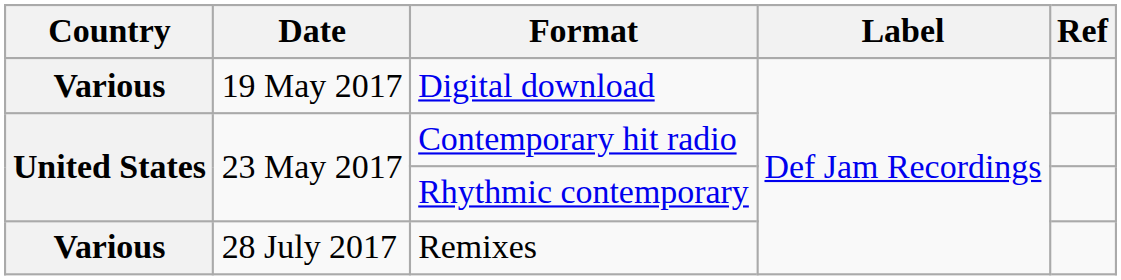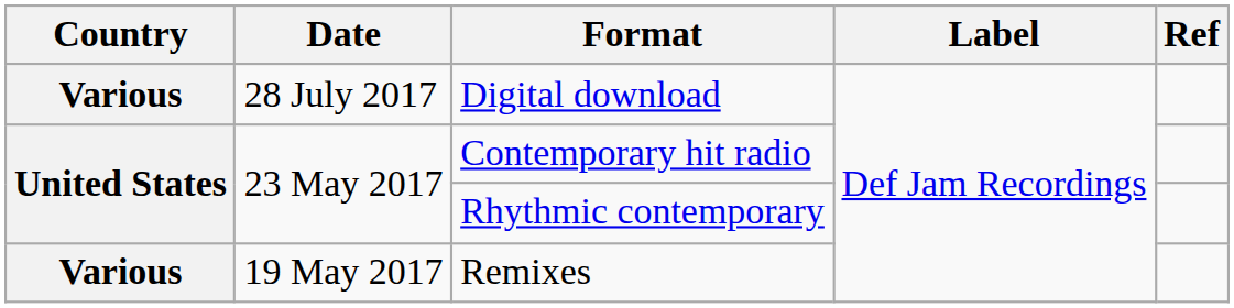 <table class="wikitable plainrowheaders">
 <tr>
 <th scope="col">Country</th>
 <th scope="col">Date</th>
 <th scope="col">Format</th>
 <th scope="col">Label</th>
 <th scope="col">Ref</th>
 </tr>
 <tr>
 <th scope="row">Various</th>
-<td>19 May 2017</td>
+<td>28 July 2017</td>
 <td><a href='#'>Digital download</a></td>
 <td rowspan="4"><a href='#'>Def Jam Recordings</a></td>
 <td></td>
 </tr>
 <tr>
 <th scope="row" rowspan="2">United States</th>
 <td rowspan="2">23 May 2017</td>
 <td><a href='#'>Contemporary hit radio</a></td>
 <td></td>
 </tr>
 <tr>
 <td><a href='#'>Rhythmic contemporary</a></td>
 <td></td>
 </tr>
 <tr>
 <th scope="row">Various</th>
-<td>28 July 2017</td>
+<td>19 May 2017</td>
 <td> Remixes</td>
 </tr>
 </table>
